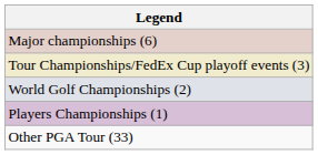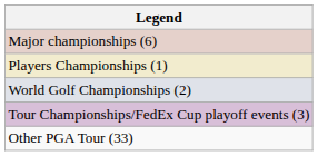 <table class="wikitable" style="font-size:95%;">
 <tr>
 <th>Legend</th>
 </tr>
 <tr style="background:#e5d1cb;">
 <td>Major championships (6)</td>
 </tr>
 <tr style="background:#f2ecce;">
-<td>Tour Championships/FedEx Cup playoff events (3)</td>
+<td>Players Championships (1)</td>
 </tr>
 <tr style="background:#dfe2e9;">
 <td>World Golf Championships (2)</td>
 </tr>
 <tr style="background:thistle;">
-<td>Players Championships (1)</td>
+<td>Tour Championships/FedEx Cup playoff events (3)</td>
 </tr>
 <tr>
 <td>Other PGA Tour (33)</td>
 </tr>
 </table>
